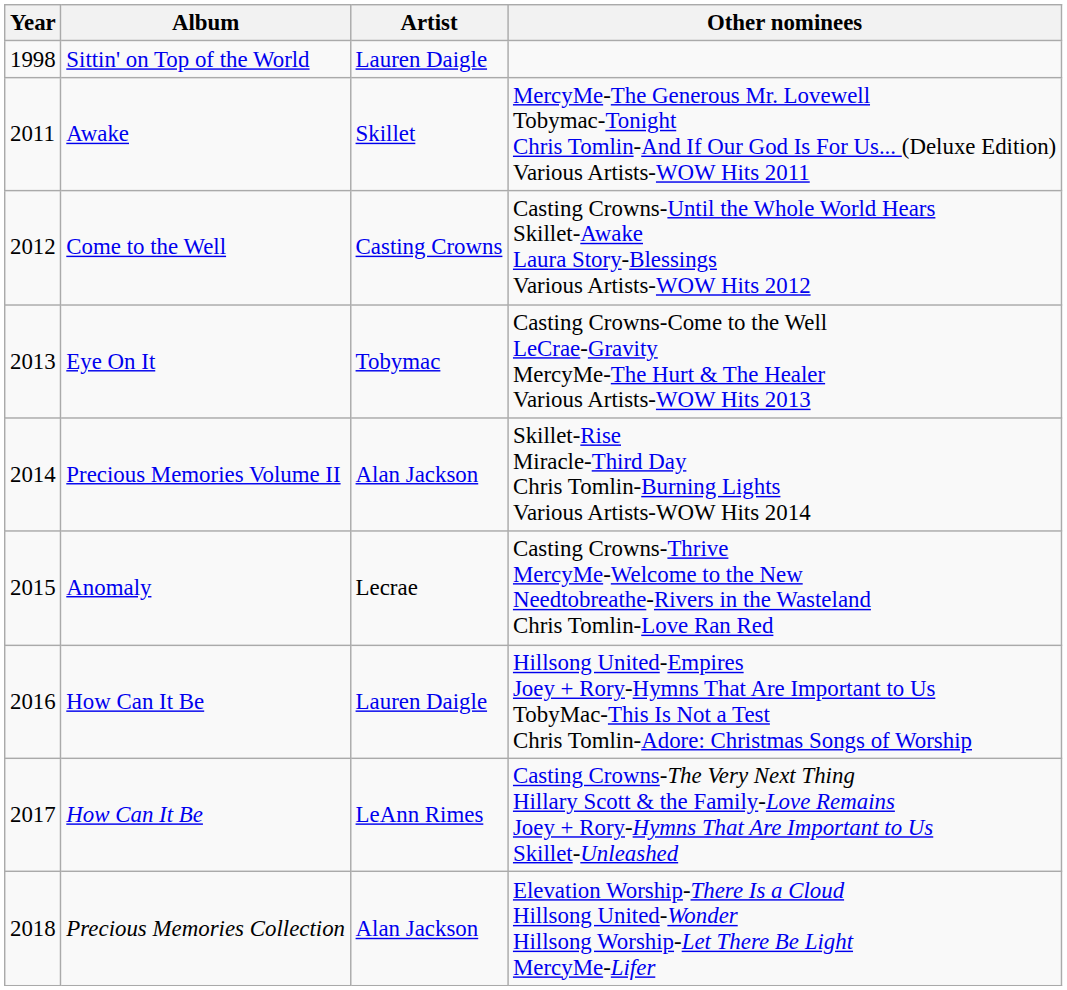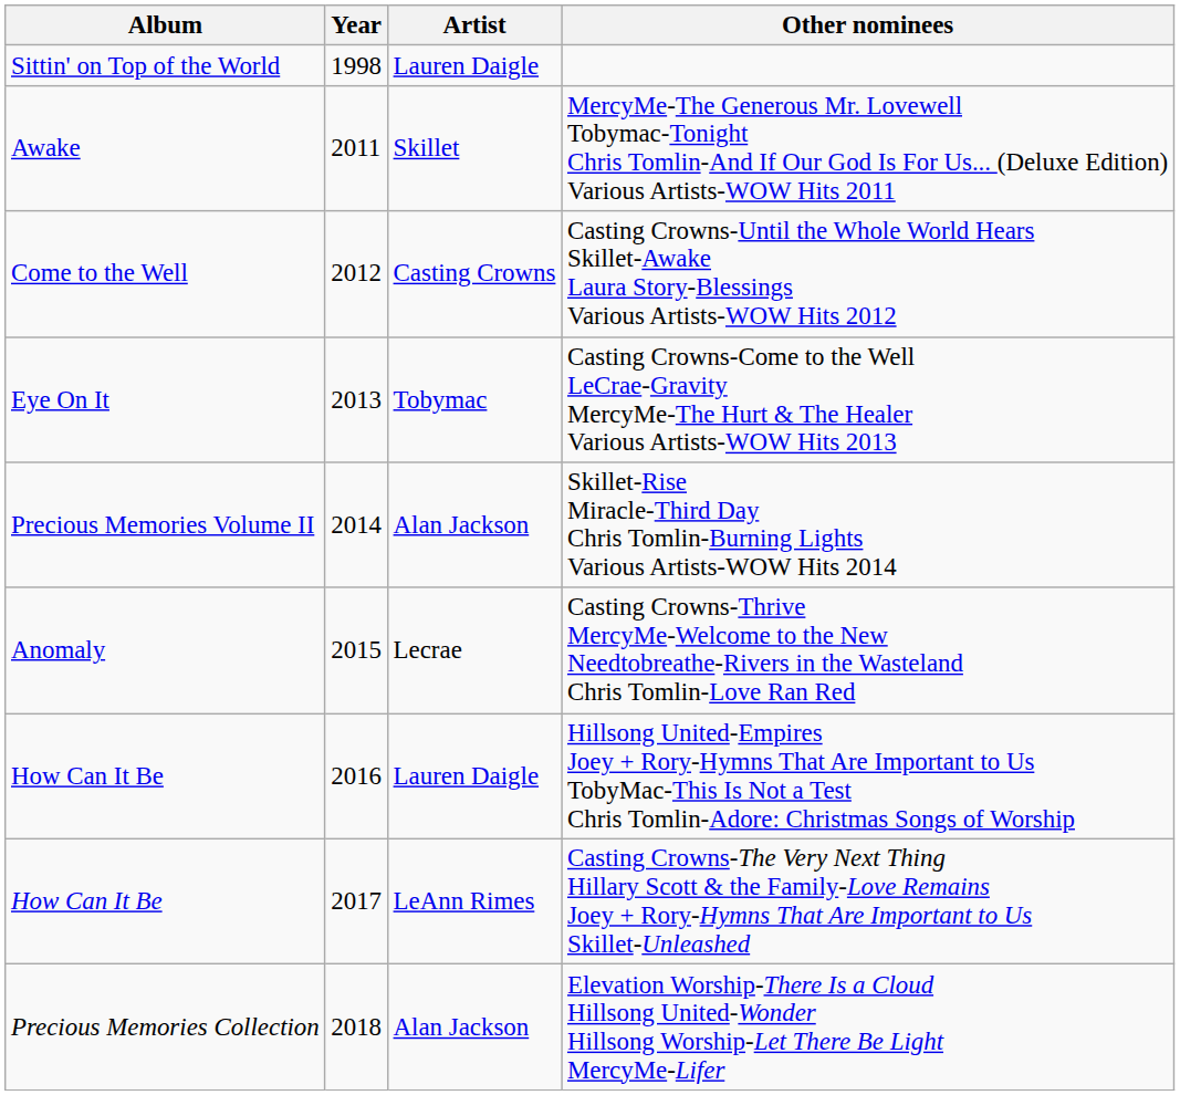 <table class="wikitable">
 <tr>
+<th>Album</th>
 <th>Year</th>
-<th>Album</th>
 <th>Artist</th>
 <th>Other nominees</th>
 </tr>
 <tr>
+<td><a href='#'>Sittin' on Top of the World</a></td>
 <td>1998</td>
-<td><a href='#'>Sittin' on Top of the World</a></td>
 <td><a href='#'>Lauren Daigle</a></td>
 <td></td>
 </tr>
 <tr>
+<td><a href='#'>Awake</a></td>
 <td>2011</td>
-<td><a href='#'>Awake</a></td>
 <td><a href='#'>Skillet</a></td>
 <td><a href='#'>MercyMe</a>-<a href='#'>The Generous Mr. Lovewell</a><br>Tobymac-<a href='#'>Tonight</a><br><a href='#'>Chris Tomlin</a>-<a href='#'>And If Our God Is For Us... </a>(Deluxe Edition)<br>Various Artists-<a href='#'>WOW Hits 2011</a></td>
 </tr>
 <tr>
+<td><a href='#'>Come to the Well</a></td>
 <td>2012</td>
-<td><a href='#'>Come to the Well</a></td>
 <td><a href='#'>Casting Crowns</a></td>
 <td>Casting Crowns-<a href='#'>Until the Whole World Hears</a><br>Skillet-<a href='#'>Awake</a><br><a href='#'>Laura Story</a>-<a href='#'>Blessings</a><br>Various Artists-<a href='#'>WOW Hits 2012</a></td>
 </tr>
 <tr>
+<td><a href='#'>Eye On It</a></td>
 <td>2013</td>
-<td><a href='#'>Eye On It</a></td>
 <td><a href='#'>Tobymac</a></td>
 <td>Casting Crowns-Come to the Well<br><a href='#'>LeCrae</a>-<a href='#'>Gravity</a><br>MercyMe-<a href='#'>The Hurt & The Healer</a><br>Various Artists-<a href='#'>WOW Hits 2013</a></td>
 </tr>
 <tr>
+<td><a href='#'>Precious Memories Volume II</a></td>
 <td>2014</td>
-<td><a href='#'>Precious Memories Volume II</a></td>
 <td><a href='#'>Alan Jackson</a></td>
 <td>Skillet-<a href='#'>Rise</a><br>Miracle-<a href='#'>Third Day</a><br>Chris Tomlin-<a href='#'>Burning Lights</a><br>Various Artists-WOW Hits 2014</td>
 </tr>
 <tr>
+<td><a href='#'>Anomaly</a></td>
 <td>2015</td>
-<td><a href='#'>Anomaly</a></td>
 <td>Lecrae</td>
 <td>Casting Crowns-<a href='#'>Thrive</a><br><a href='#'>MercyMe</a>-<a href='#'>Welcome to the New</a><br><a href='#'>Needtobreathe</a>-<a href='#'>Rivers in the Wasteland</a><br>Chris Tomlin-<a href='#'>Love Ran Red</a></td>
 </tr>
 <tr>
+<td><a href='#'>How Can It Be</a></td>
 <td>2016</td>
-<td><a href='#'>How Can It Be</a></td>
 <td><a href='#'>Lauren Daigle</a></td>
 <td><a href='#'>Hillsong United</a>-<a href='#'>Empires</a><br><a href='#'>Joey + Rory</a>-<a href='#'>Hymns That Are Important to Us</a><br>TobyMac-<a href='#'>This Is Not a Test</a><br>Chris Tomlin-<a href='#'>Adore: Christmas Songs of Worship</a></td>
 </tr>
 <tr>
+<td><em><a href='#'>How Can It Be</a></em></td>
 <td>2017</td>
-<td><em><a href='#'>How Can It Be</a></em></td>
 <td><a href='#'>LeAnn Rimes</a></td>
 <td><a href='#'>Casting Crowns</a>-<em>The Very Next Thing</em><br><a href='#'>Hillary Scott & the Family</a>-<em><a href='#'>Love Remains</a></em><br><a href='#'>Joey + Rory</a>-<em><a href='#'>Hymns That Are Important to Us</a></em><br><a href='#'>Skillet</a>-<em><a href='#'>Unleashed</a></em></td>
 </tr>
 <tr>
+<td><em>Precious Memories Collection</em></td>
 <td>2018</td>
-<td><em>Precious Memories Collection</em></td>
 <td><a href='#'>Alan Jackson</a></td>
 <td><a href='#'>Elevation Worship</a>-<em><a href='#'>There Is a Cloud</a></em><br><a href='#'>Hillsong United</a>-<em><a href='#'>Wonder</a></em><br><a href='#'>Hillsong Worship</a>-<em><a href='#'>Let There Be Light</a></em><br><a href='#'>MercyMe</a>-<em><a href='#'>Lifer</a></em></td>
 </tr>
 </table>
